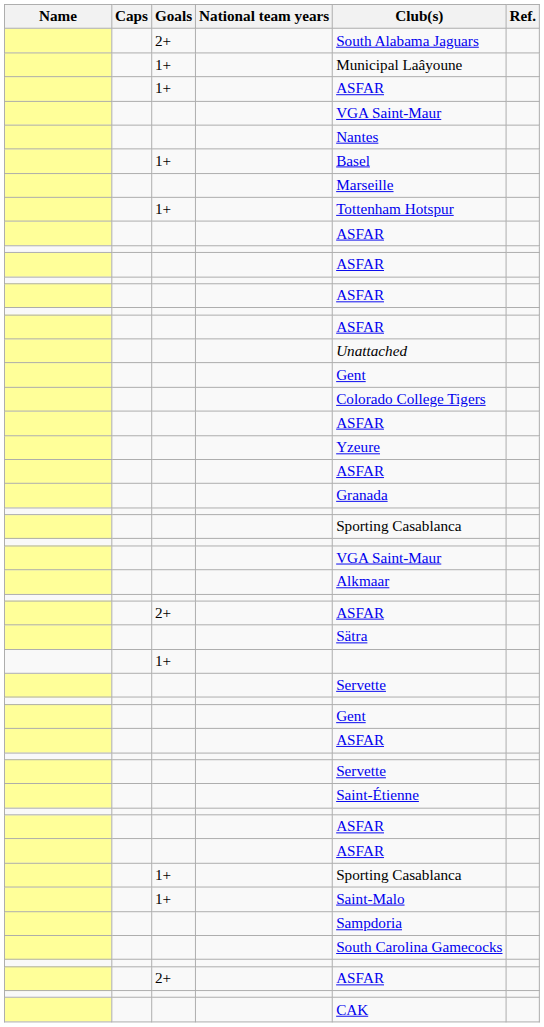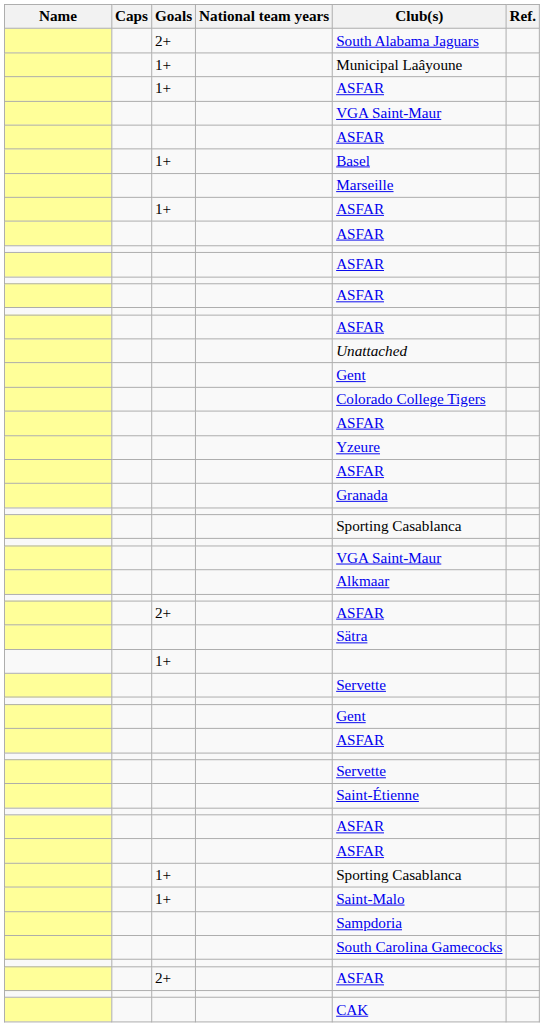 <table class="wikitable sortable">
 <tr>
 <th width="20%">Name</th>
 <th>Caps</th>
 <th>Goals</th>
 <th>National team years</th>
 <th>Club(s)</th>
 <th>Ref.</th>
 </tr>
 <tr>
 <td scope="row" style="background-color:#FFFF99" align="left"><strong></strong></td>
 <td></td>
 <td>2+</td>
 <td></td>
 <td> <a href='#'>South Alabama Jaguars</a></td>
 <td></td>
 </tr>
 <tr>
 <td scope="row" style="background-color:#FFFF99" align="left"><strong></strong></td>
 <td></td>
 <td>1+</td>
 <td></td>
 <td>Municipal Laâyoune</td>
 <td></td>
 </tr>
 <tr>
 <td scope="row" style="background-color:#FFFF99" align="left"><strong></strong></td>
 <td></td>
 <td>1+</td>
 <td></td>
 <td> <a href='#'>ASFAR</a></td>
 <td></td>
 </tr>
 <tr>
 <td scope="row" style="background-color:#FFFF99" align="left"><strong></strong></td>
 <td></td>
 <td></td>
 <td></td>
 <td> <a href='#'>VGA Saint-Maur</a></td>
 <td></td>
 </tr>
 <tr>
 <td scope="row" style="background-color:#FFFF99" align="left"><strong></strong></td>
 <td></td>
 <td></td>
 <td></td>
-<td> <a href='#'>Nantes</a></td>
+<td> <a href='#'>ASFAR</a></td>
 <td></td>
 </tr>
 <tr>
 <td scope="row" style="background-color:#FFFF99" align="left"><strong></strong></td>
 <td></td>
 <td>1+</td>
 <td></td>
 <td> <a href='#'>Basel</a></td>
 <td></td>
 </tr>
 <tr>
 <td scope="row" style="background-color:#FFFF99" align="left"><strong></strong></td>
 <td></td>
 <td></td>
 <td></td>
 <td> <a href='#'>Marseille</a></td>
 <td></td>
 </tr>
 <tr>
 <td scope="row" style="background-color:#FFFF99" align="left"><strong></strong></td>
 <td></td>
 <td>1+</td>
 <td></td>
-<td> <a href='#'>Tottenham Hotspur</a></td>
+<td> <a href='#'>ASFAR</a></td>
 <td></td>
 </tr>
 <tr>
 <td scope="row" style="background-color:#FFFF99" align="left"><strong></strong></td>
 <td></td>
 <td></td>
 <td></td>
 <td> <a href='#'>ASFAR</a></td>
 <td></td>
 </tr>
 <tr>
 <td></td>
 <td></td>
 <td></td>
 <td></td>
 <td></td>
 <td></td>
 </tr>
 <tr>
 <td scope="row" style="background-color:#FFFF99" align="left"><strong></strong></td>
 <td></td>
 <td></td>
 <td></td>
 <td> <a href='#'>ASFAR</a></td>
 <td></td>
 </tr>
 <tr>
 <td></td>
 <td></td>
 <td></td>
 <td></td>
 <td></td>
 <td></td>
 </tr>
 <tr>
 <td scope="row" style="background-color:#FFFF99" align="left"><strong></strong></td>
 <td></td>
 <td></td>
 <td></td>
 <td> <a href='#'>ASFAR</a></td>
 <td></td>
 </tr>
 <tr>
 <td></td>
 <td></td>
 <td></td>
 <td></td>
 <td></td>
 <td></td>
 </tr>
 <tr>
 <td scope="row" style="background-color:#FFFF99" align="left"><strong></strong></td>
 <td></td>
 <td></td>
 <td></td>
 <td> <a href='#'>ASFAR</a></td>
 <td></td>
 </tr>
 <tr>
 <td scope="row" style="background-color:#FFFF99" align="left"><strong></strong></td>
 <td></td>
 <td></td>
 <td></td>
 <td><em>Unattached</em></td>
 <td></td>
 </tr>
 <tr>
 <td scope="row" style="background-color:#FFFF99" align="left"><strong></strong></td>
 <td></td>
 <td></td>
 <td></td>
 <td> <a href='#'>Gent</a></td>
 <td></td>
 </tr>
 <tr>
 <td scope="row" style="background-color:#FFFF99" align="left"><strong></strong></td>
 <td></td>
 <td></td>
 <td></td>
 <td> <a href='#'>Colorado College Tigers</a></td>
 <td></td>
 </tr>
 <tr>
 <td scope="row" style="background-color:#FFFF99" align="left"><strong></strong></td>
 <td></td>
 <td></td>
 <td></td>
 <td> <a href='#'>ASFAR</a></td>
 <td></td>
 </tr>
 <tr>
 <td scope="row" style="background-color:#FFFF99" align="left"><strong></strong></td>
 <td></td>
 <td></td>
 <td></td>
 <td> <a href='#'>Yzeure</a></td>
 <td></td>
 </tr>
 <tr>
 <td scope="row" style="background-color:#FFFF99" align="left"><strong></strong></td>
 <td></td>
 <td></td>
 <td></td>
 <td> <a href='#'>ASFAR</a></td>
 <td></td>
 </tr>
 <tr>
 <td scope="row" style="background-color:#FFFF99" align="left"><strong></strong></td>
 <td></td>
 <td></td>
 <td></td>
 <td> <a href='#'>Granada</a></td>
 <td></td>
 </tr>
 <tr>
 <td></td>
 <td></td>
 <td></td>
 <td></td>
 <td></td>
 <td></td>
 </tr>
 <tr>
 <td scope="row" style="background-color:#FFFF99" align="left"><strong></strong></td>
 <td></td>
 <td></td>
 <td></td>
 <td> Sporting Casablanca</td>
 <td></td>
 </tr>
 <tr>
 <td></td>
 <td></td>
 <td></td>
 <td></td>
 <td></td>
 <td></td>
 </tr>
 <tr>
 <td scope="row" style="background-color:#FFFF99" align="left"><strong></strong></td>
 <td></td>
 <td></td>
 <td></td>
 <td> <a href='#'>VGA Saint-Maur</a></td>
 <td></td>
 </tr>
 <tr>
 <td scope="row" style="background-color:#FFFF99" align="left"><strong></strong></td>
 <td></td>
 <td></td>
 <td></td>
 <td> <a href='#'>Alkmaar</a></td>
 <td></td>
 </tr>
 <tr>
 <td></td>
 <td></td>
 <td></td>
 <td></td>
 <td></td>
 <td></td>
 </tr>
 <tr>
 <td scope="row" style="background-color:#FFFF99" align="left"><strong></strong></td>
 <td></td>
 <td>2+</td>
 <td></td>
 <td> <a href='#'>ASFAR</a></td>
 <td></td>
 </tr>
 <tr>
 <td scope="row" style="background-color:#FFFF99" align="left"><strong></strong></td>
 <td></td>
 <td></td>
 <td></td>
 <td> <a href='#'>Sätra</a></td>
 <td></td>
 </tr>
 <tr>
 <td></td>
 <td></td>
 <td>1+</td>
 <td></td>
 <td></td>
 <td></td>
 </tr>
 <tr>
 <td scope="row" style="background-color:#FFFF99" align="left"><strong></strong></td>
 <td></td>
 <td></td>
 <td></td>
 <td> <a href='#'>Servette</a></td>
 <td></td>
 </tr>
 <tr>
 <td></td>
 <td></td>
 <td></td>
 <td></td>
 <td></td>
 <td></td>
 </tr>
 <tr>
 <td scope="row" style="background-color:#FFFF99" align="left"><strong></strong></td>
 <td></td>
 <td></td>
 <td></td>
 <td> <a href='#'>Gent</a></td>
 <td></td>
 </tr>
 <tr>
 <td scope="row" style="background-color:#FFFF99" align="left"><strong></strong></td>
 <td></td>
 <td></td>
 <td></td>
 <td> <a href='#'>ASFAR</a></td>
 <td></td>
 </tr>
 <tr>
 <td></td>
 <td></td>
 <td></td>
 <td></td>
 <td></td>
 <td></td>
 </tr>
 <tr>
 <td scope="row" style="background-color:#FFFF99" align="left"><strong></strong></td>
 <td></td>
 <td></td>
 <td></td>
 <td> <a href='#'>Servette</a></td>
 <td></td>
 </tr>
 <tr>
 <td scope="row" style="background-color:#FFFF99" align="left"><strong></strong></td>
 <td></td>
 <td></td>
 <td></td>
 <td> <a href='#'>Saint-Étienne</a></td>
 <td></td>
 </tr>
 <tr>
 <td></td>
 <td></td>
 <td></td>
 <td></td>
 <td></td>
 <td></td>
 </tr>
 <tr>
 <td scope="row" style="background-color:#FFFF99" align="left"><strong></strong></td>
 <td></td>
 <td></td>
 <td></td>
 <td> <a href='#'>ASFAR</a></td>
 <td></td>
 </tr>
 <tr>
 <td scope="row" style="background-color:#FFFF99" align="left"><strong></strong></td>
 <td></td>
 <td></td>
 <td></td>
 <td> <a href='#'>ASFAR</a></td>
 <td></td>
 </tr>
 <tr>
 <td scope="row" style="background-color:#FFFF99" align="left"><strong></strong></td>
 <td></td>
 <td>1+</td>
 <td></td>
 <td> Sporting Casablanca</td>
 <td></td>
 </tr>
 <tr>
 <td scope="row" style="background-color:#FFFF99" align="left"><strong></strong></td>
 <td></td>
 <td>1+</td>
 <td></td>
 <td> <a href='#'>Saint-Malo</a></td>
 <td></td>
 </tr>
 <tr>
 <td scope="row" style="background-color:#FFFF99" align="left"><strong></strong></td>
 <td></td>
 <td></td>
 <td></td>
 <td> <a href='#'>Sampdoria</a></td>
 <td></td>
 </tr>
 <tr>
 <td scope="row" style="background-color:#FFFF99" align="left"><strong></strong></td>
 <td></td>
 <td></td>
 <td></td>
 <td> <a href='#'>South Carolina Gamecocks</a></td>
 <td></td>
 </tr>
 <tr>
 <td></td>
 <td></td>
 <td></td>
 <td></td>
 <td></td>
 <td></td>
 </tr>
 <tr>
 <td scope="row" style="background-color:#FFFF99" align="left"><strong></strong></td>
 <td></td>
 <td>2+</td>
 <td></td>
 <td> <a href='#'>ASFAR</a></td>
 <td></td>
 </tr>
 <tr>
 <td></td>
 <td></td>
 <td></td>
 <td></td>
 <td></td>
 <td></td>
 </tr>
 <tr>
 <td scope="row" style="background-color:#FFFF99" align="left"><strong></strong></td>
 <td></td>
 <td></td>
 <td></td>
 <td> <a href='#'>CAK</a></td>
 <td></td>
 </tr>
 </table>
